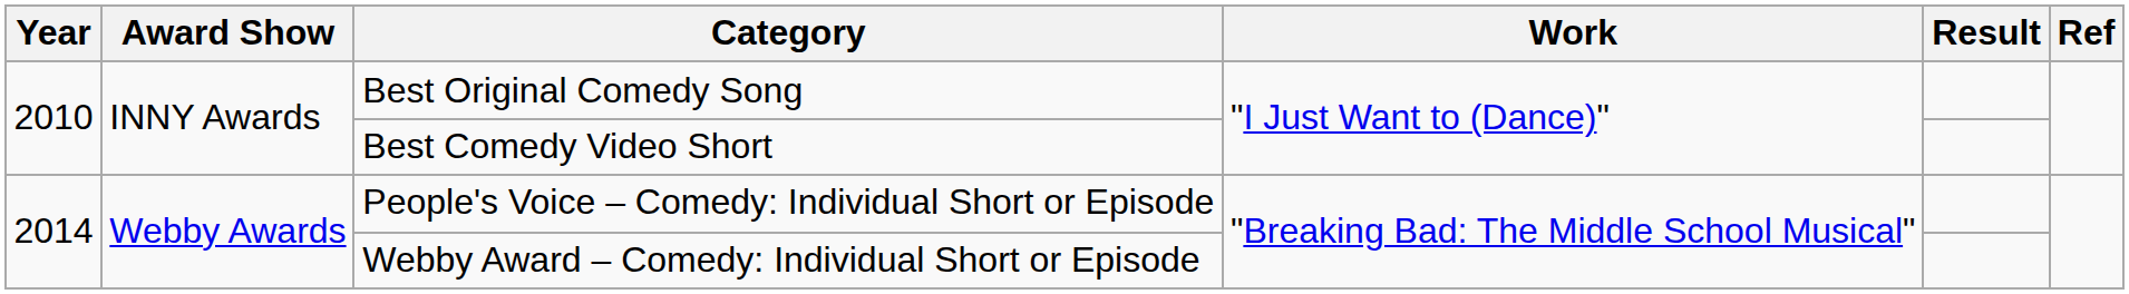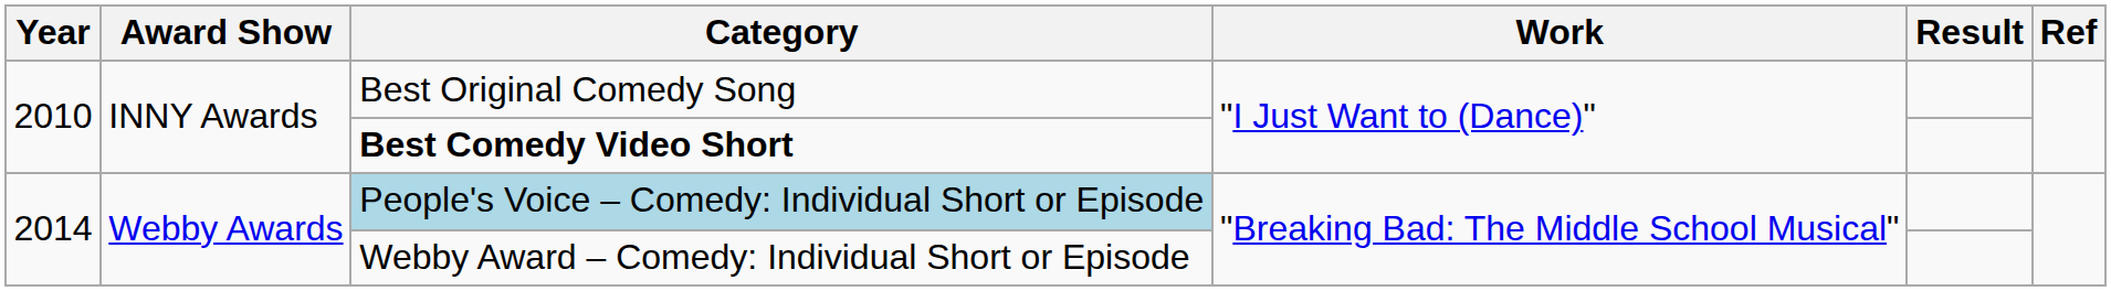 <table class="wikitable">
 <tr valign="top">
 <th>Year</th>
 <th>Award Show</th>
 <th>Category</th>
 <th>Work</th>
 <th>Result</th>
 <th>Ref</th>
 </tr>
 <tr valign="center">
 <td rowspan="2">2010</td>
 <td rowspan="2">INNY Awards</td>
 <td>Best Original Comedy Song</td>
 <td rowspan="2">"<a href='#'>I Just Want to (Dance)</a>"</td>
 <td></td>
 <td rowspan="2" style="text-align:center;"></td>
 </tr>
 <tr valign="top">
-<td>Best Comedy Video Short</td>
+<td><strong>Best Comedy Video Short</strong></td>
 <td></td>
 </tr>
 <tr>
 <td rowspan="2">2014</td>
 <td rowspan="2"><a href='#'>Webby Awards</a></td>
-<td>People's Voice – Comedy: Individual Short or Episode</td>
+<td style="background: lightblue;">People's Voice – Comedy: Individual Short or Episode</td>
 <td rowspan="2">"<a href='#'>Breaking Bad: The Middle School Musical</a>"</td>
 <td></td>
 <td rowspan="2" style="text-align:center;"></td>
 </tr>
 <tr valign="top">
 <td>Webby Award – Comedy: Individual Short or Episode</td>
 <td></td>
 </tr>
 </table>
